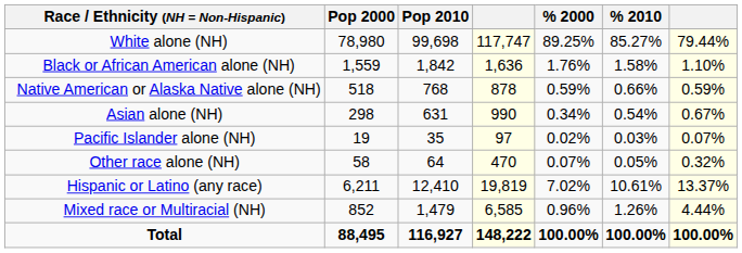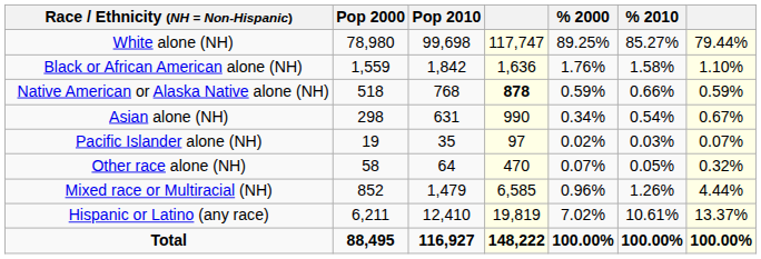 <table class="wikitable" style="text-align:center;">
 <tr>
 <th>Race / Ethnicity <small>(<em>NH = Non-Hispanic</em>)</small></th>
 <th>Pop 2000</th>
 <th>Pop 2010</th>
 <th></th>
 <th>% 2000</th>
 <th>% 2010</th>
 <th></th>
 </tr>
 <tr>
 <td>  <a href='#'>White</a> alone (NH)</td>
 <td>78,980</td>
 <td>99,698</td>
 <td style='background: #ffffe6;'>117,747</td>
 <td>89.25%</td>
 <td>85.27%</td>
 <td style='background: #ffffe6;'>79.44%</td>
 </tr>
 <tr>
 <td>  <a href='#'>Black or African American</a> alone (NH)</td>
 <td>1,559</td>
 <td>1,842</td>
 <td style='background: #ffffe6;'>1,636</td>
 <td>1.76%</td>
 <td>1.58%</td>
 <td style='background: #ffffe6;'>1.10%</td>
 </tr>
 <tr>
 <td>  <a href='#'>Native American</a> or <a href='#'>Alaska Native</a> alone (NH)</td>
 <td>518</td>
 <td>768</td>
-<td style='background: #ffffe6;'>878</td>
+<td style='background: #ffffe6;'><strong>878</strong></td>
 <td>0.59%</td>
 <td>0.66%</td>
 <td style='background: #ffffe6;'>0.59%</td>
 </tr>
 <tr>
 <td><a href='#'>Asian</a> alone (NH)</td>
 <td>298</td>
 <td>631</td>
 <td style='background: #ffffe6;'>990</td>
 <td>0.34%</td>
 <td>0.54%</td>
 <td style='background: #ffffe6;'>0.67%</td>
 </tr>
 <tr>
 <td><a href='#'>Pacific Islander</a> alone (NH)</td>
 <td>19</td>
 <td>35</td>
 <td style='background: #ffffe6;'>97</td>
 <td>0.02%</td>
 <td>0.03%</td>
 <td style='background: #ffffe6;'>0.07%</td>
 </tr>
 <tr>
 <td><a href='#'>Other race</a> alone (NH)</td>
 <td>58</td>
 <td>64</td>
 <td style='background: #ffffe6;'>470</td>
 <td>0.07%</td>
 <td>0.05%</td>
 <td style='background: #ffffe6;'>0.32%</td>
 </tr>
 <tr>
+<td><a href='#'>Mixed race or Multiracial</a> (NH)</td>
+<td>852</td>
+<td>1,479</td>
+<td style='background: #ffffe6;'>6,585</td>
+<td>0.96%</td>
+<td>1.26%</td>
+<td style='background: #ffffe6;'>4.44%</td>
+</tr>
+<tr>
 <td><a href='#'>Hispanic or Latino</a> (any race)</td>
 <td>6,211</td>
 <td>12,410</td>
 <td style='background: #ffffe6;'>19,819</td>
 <td>7.02%</td>
 <td>10.61%</td>
 <td style='background: #ffffe6;'>13.37%</td>
-</tr>
-<tr>
-<td><a href='#'>Mixed race or Multiracial</a> (NH)</td>
-<td>852</td>
-<td>1,479</td>
-<td style='background: #ffffe6;'>6,585</td>
-<td>0.96%</td>
-<td>1.26%</td>
-<td style='background: #ffffe6;'>4.44%</td>
 </tr>
 <tr>
 <td><strong>Total</strong></td>
 <td><strong>88,495</strong></td>
 <td><strong>116,927</strong></td>
 <td style='background: #ffffe6;'><strong>148,222</strong></td>
 <td><strong>100.00%</strong></td>
 <td><strong>100.00%</strong></td>
 <td style='background: #ffffe6;'><strong>100.00%</strong></td>
 </tr>
 </table>
